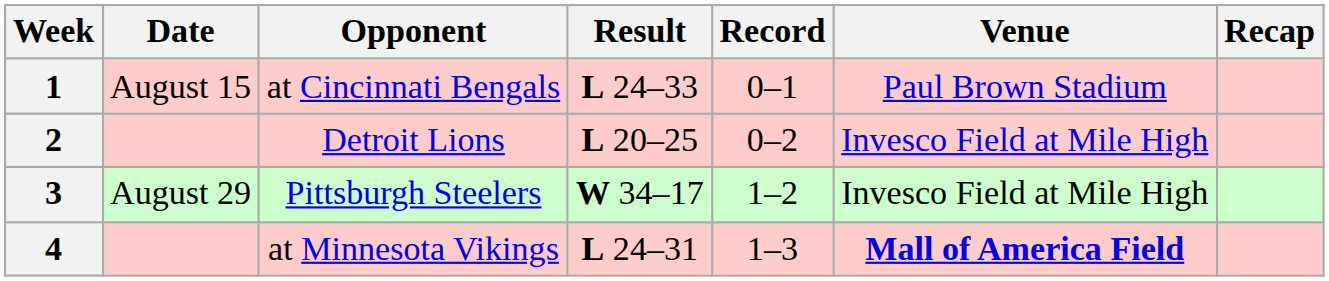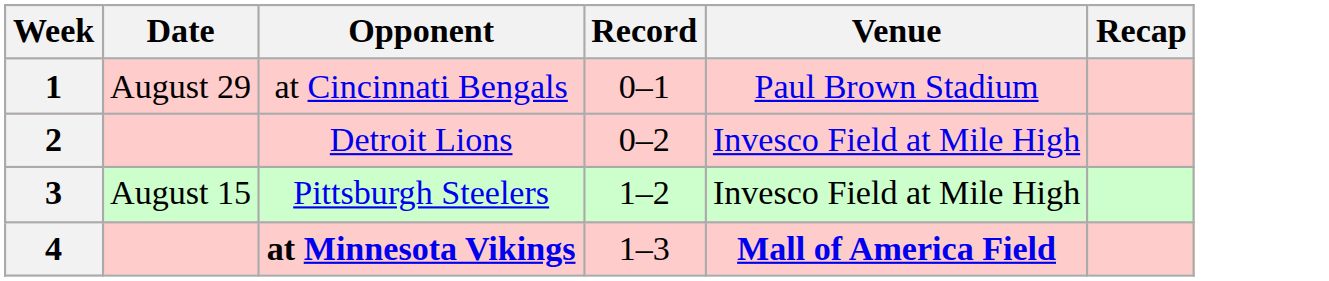 <table class="wikitable" style="text-align:center">
 <tr>
 <th>Week</th>
 <th>Date</th>
 <th>Opponent</th>
-<th>Result</th>
 <th>Record</th>
 <th>Venue</th>
 <th>Recap</th>
 </tr>
 <tr style="background:#fcc">
 <th>1</th>
-<td>August 15</td>
+<td>August 29</td>
 <td>at <a href='#'>Cincinnati Bengals</a></td>
-<td><strong>L</strong> 24–33</td>
 <td>0–1</td>
 <td><a href='#'>Paul Brown Stadium</a></td>
 <td></td>
 </tr>
 <tr style="background:#fcc">
 <th>2</th>
 <td></td>
 <td><a href='#'>Detroit Lions</a></td>
-<td><strong>L</strong> 20–25</td>
 <td>0–2</td>
 <td><a href='#'>Invesco Field at Mile High</a></td>
 <td></td>
 </tr>
 <tr style="background:#cfc">
 <th>3</th>
-<td>August 29</td>
+<td>August 15</td>
 <td><a href='#'>Pittsburgh Steelers</a></td>
-<td><strong>W</strong> 34–17</td>
 <td>1–2</td>
 <td>Invesco Field at Mile High</td>
 <td></td>
 </tr>
 <tr style="background:#fcc">
 <th>4</th>
 <td></td>
-<td>at <a href='#'>Minnesota Vikings</a></td>
-<td><strong>L</strong> 24–31</td>
+<td><strong>at <a href='#'>Minnesota Vikings</a></strong></td>
 <td>1–3</td>
 <td><strong><a href='#'>Mall of America Field</a></strong></td>
 <td></td>
 </tr>
 </table>
